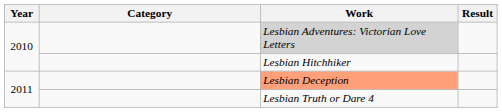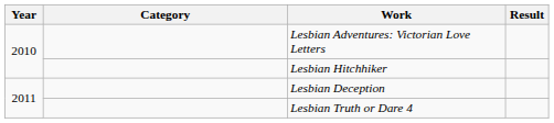 <table class="wikitable" width="55%">
 <tr>
 <th width="7%">Year</th>
 <th width="45%">Category</th>
 <th width="40%">Work</th>
 <th width="8%">Result</th>
 </tr>
 <tr>
 <td rowspan=2 align=center>2010</td>
 <td></td>
-<td style="background: lightgrey;"><em>Lesbian Adventures: Victorian Love Letters</em></td>
+<td><em>Lesbian Adventures: Victorian Love Letters</em></td>
 <td></td>
 </tr>
 <tr>
 <td></td>
 <td><em>Lesbian Hitchhiker</em></td>
 <td></td>
 </tr>
 <tr>
 <td rowspan=2 align=center>2011</td>
 <td></td>
-<td style="background: lightsalmon;"><em>Lesbian Deception</em></td>
+<td><em>Lesbian Deception</em></td>
 <td></td>
 </tr>
 <tr>
 <td></td>
 <td><em>Lesbian Truth or Dare 4</em></td>
 <td></td>
 </tr>
 </table>
